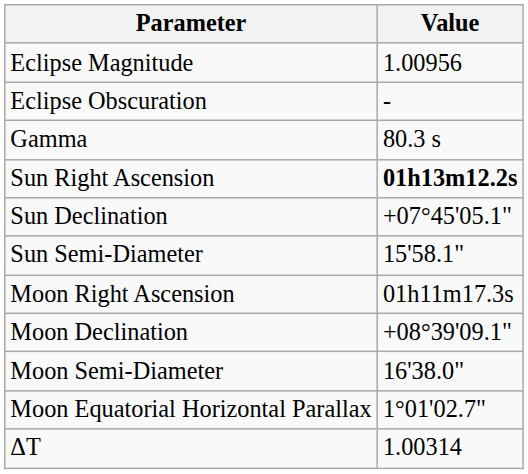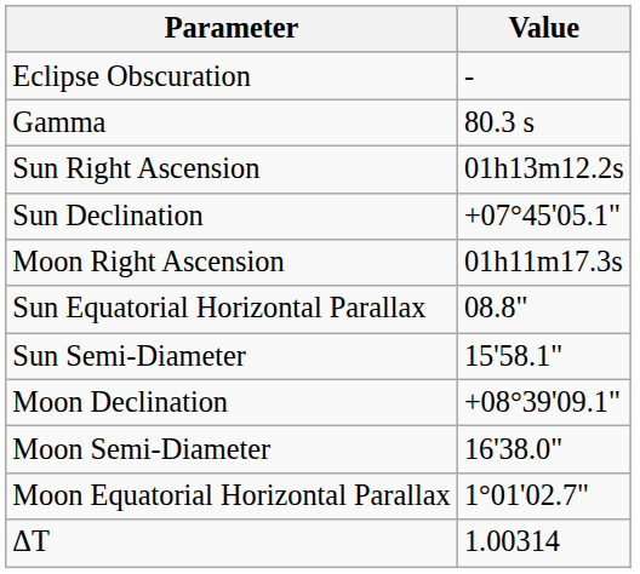 <table class="wikitable">
 <tr>
 <th>Parameter</th>
 <th>Value</th>
-</tr>
-<tr>
-<td>Eclipse Magnitude</td>
-<td>1.00956</td>
 </tr>
 <tr>
 <td>Eclipse Obscuration</td>
 <td>-</td>
 </tr>
 <tr>
 <td>Gamma</td>
 <td>80.3 s</td>
 </tr>
 <tr>
 <td>Sun Right Ascension</td>
-<td><strong>01h13m12.2s</strong></td>
+<td>01h13m12.2s</td>
 </tr>
 <tr>
 <td>Sun Declination</td>
 <td>+07°45'05.1"</td>
 </tr>
 <tr>
+<td>Moon Right Ascension</td>
+<td>01h11m17.3s</td>
+</tr>
+<tr>
+<td>Sun Equatorial Horizontal Parallax</td>
+<td>08.8"</td>
+</tr>
+<tr>
 <td>Sun Semi-Diameter</td>
 <td>15'58.1"</td>
-</tr>
-<tr>
-<td>Moon Right Ascension</td>
-<td>01h11m17.3s</td>
 </tr>
 <tr>
 <td>Moon Declination</td>
 <td>+08°39'09.1"</td>
 </tr>
 <tr>
 <td>Moon Semi-Diameter</td>
 <td>16'38.0"</td>
 </tr>
 <tr>
 <td>Moon Equatorial Horizontal Parallax</td>
 <td>1°01'02.7"</td>
 </tr>
 <tr>
 <td>ΔT</td>
 <td>1.00314</td>
 </tr>
 </table>
